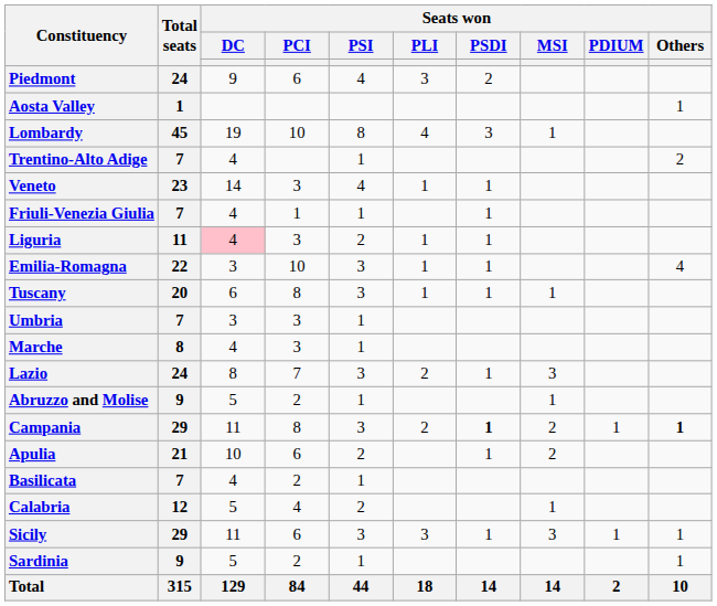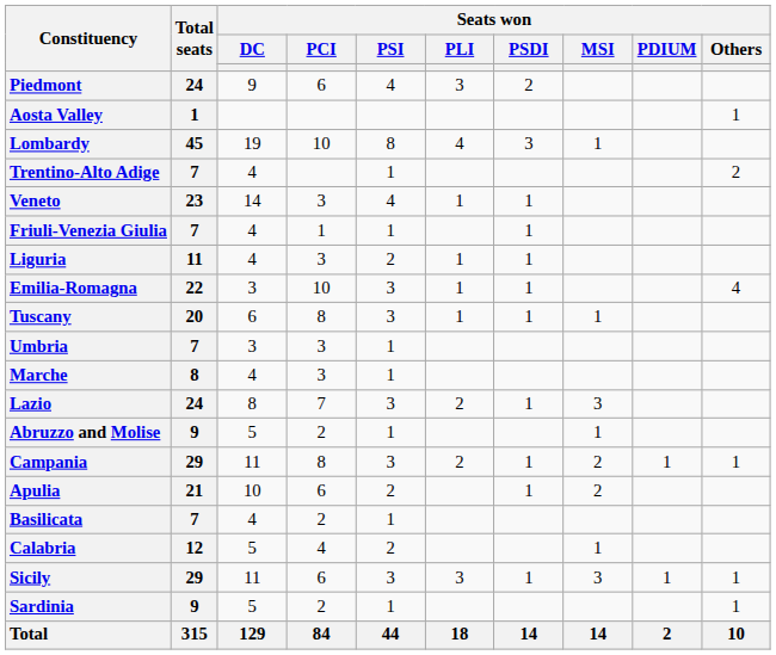 <table class="wikitable" style="text-align:center; font-size: 0.9em">
 <tr>
 <th rowspan="3">Constituency</th>
 <th rowspan="3">Total<br>seats</th>
 <th colspan="8">Seats won</th>
 </tr>
 <tr>
 <th class="unsortable" style="width:50px;"><a href='#'>DC</a></th>
 <th class="unsortable" style="width:50px;"><a href='#'>PCI</a></th>
 <th class="unsortable" style="width:50px;"><a href='#'>PSI</a></th>
 <th class="unsortable" style="width:50px;"><a href='#'>PLI</a></th>
 <th class="unsortable" style="width:50px;"><a href='#'>PSDI</a></th>
 <th class="unsortable" style="width:50px;"><a href='#'>MSI</a></th>
 <th class="unsortable" style="width:50px;"><a href='#'>PDIUM</a></th>
 <th class="unsortable" style="width:50px;">Others</th>
 </tr>
 <tr>
 <th style="background:"></th>
 <th style="background:"></th>
 <th style="background:"></th>
 <th style="background:"></th>
 <th style="background:"></th>
 <th style="background:"></th>
 <th style="background:"></th>
 <th style="background:"></th>
 </tr>
 <tr>
 <th style="text-align: left;"><a href='#'>Piedmont</a></th>
 <th>24</th>
 <td>9</td>
 <td>6</td>
 <td>4</td>
 <td>3</td>
 <td>2</td>
 <td></td>
 <td></td>
 <td></td>
 </tr>
 <tr>
 <th style="text-align: left;"><a href='#'>Aosta Valley</a></th>
 <th>1</th>
 <td></td>
 <td></td>
 <td></td>
 <td></td>
 <td></td>
 <td></td>
 <td></td>
 <td>1</td>
 </tr>
 <tr>
 <th style="text-align: left;"><a href='#'>Lombardy</a></th>
 <th>45</th>
 <td>19</td>
 <td>10</td>
 <td>8</td>
 <td>4</td>
 <td>3</td>
 <td>1</td>
 <td></td>
 <td></td>
 </tr>
 <tr>
 <th style="text-align: left;"><a href='#'>Trentino-Alto Adige</a></th>
 <th>7</th>
 <td>4</td>
 <td></td>
 <td>1</td>
 <td></td>
 <td></td>
 <td></td>
 <td></td>
 <td>2</td>
 </tr>
 <tr>
 <th style="text-align: left;"><a href='#'>Veneto</a></th>
 <th>23</th>
 <td>14</td>
 <td>3</td>
 <td>4</td>
 <td>1</td>
 <td>1</td>
 <td></td>
 <td></td>
 <td></td>
 </tr>
 <tr>
 <th style="text-align: left;"><a href='#'>Friuli-Venezia Giulia</a></th>
 <th>7</th>
 <td>4</td>
 <td>1</td>
 <td>1</td>
 <td></td>
 <td>1</td>
 <td></td>
 <td></td>
 <td></td>
 </tr>
 <tr>
 <th style="text-align: left;"><a href='#'>Liguria</a></th>
 <th>11</th>
-<td style="background: pink;">4</td>
+<td>4</td>
 <td>3</td>
 <td>2</td>
 <td>1</td>
 <td>1</td>
 <td></td>
 <td></td>
 <td></td>
 </tr>
 <tr>
 <th style="text-align: left;"><a href='#'>Emilia-Romagna</a></th>
 <th>22</th>
 <td>3</td>
 <td>10</td>
 <td>3</td>
 <td>1</td>
 <td>1</td>
 <td></td>
 <td></td>
 <td>4</td>
 </tr>
 <tr>
 <th style="text-align: left;"><a href='#'>Tuscany</a></th>
 <th>20</th>
 <td>6</td>
 <td>8</td>
 <td>3</td>
 <td>1</td>
 <td>1</td>
 <td>1</td>
 <td></td>
 <td></td>
 </tr>
 <tr>
 <th style="text-align: left;"><a href='#'>Umbria</a></th>
 <th>7</th>
 <td>3</td>
 <td>3</td>
 <td>1</td>
 <td></td>
 <td></td>
 <td></td>
 <td></td>
 <td></td>
 </tr>
 <tr>
 <th style="text-align: left;"><a href='#'>Marche</a></th>
 <th>8</th>
 <td>4</td>
 <td>3</td>
 <td>1</td>
 <td></td>
 <td></td>
 <td></td>
 <td></td>
 <td></td>
 </tr>
 <tr>
 <th style="text-align: left;"><a href='#'>Lazio</a></th>
 <th>24</th>
 <td>8</td>
 <td>7</td>
 <td>3</td>
 <td>2</td>
 <td>1</td>
 <td>3</td>
 <td></td>
 <td></td>
 </tr>
 <tr>
 <th style="text-align: left;"><a href='#'>Abruzzo</a> and <a href='#'>Molise</a></th>
 <th>9</th>
 <td>5</td>
 <td>2</td>
 <td>1</td>
 <td></td>
 <td></td>
 <td>1</td>
 <td></td>
 <td></td>
 </tr>
 <tr>
 <th style="text-align: left;"><a href='#'>Campania</a></th>
 <th>29</th>
 <td>11</td>
 <td>8</td>
 <td>3</td>
 <td>2</td>
-<td><strong>1</strong></td>
+<td>1</td>
 <td>2</td>
 <td>1</td>
-<td><strong>1</strong></td>
+<td>1</td>
 </tr>
 <tr>
 <th style="text-align: left;"><a href='#'>Apulia</a></th>
 <th>21</th>
 <td>10</td>
 <td>6</td>
 <td>2</td>
 <td></td>
 <td>1</td>
 <td>2</td>
 <td></td>
 <td></td>
 </tr>
 <tr>
 <th style="text-align: left;"><a href='#'>Basilicata</a></th>
 <th>7</th>
 <td>4</td>
 <td>2</td>
 <td>1</td>
 <td></td>
 <td></td>
 <td></td>
 <td></td>
 <td></td>
 </tr>
 <tr>
 <th style="text-align: left;"><a href='#'>Calabria</a></th>
 <th>12</th>
 <td>5</td>
 <td>4</td>
 <td>2</td>
 <td></td>
 <td></td>
 <td>1</td>
 <td></td>
 <td></td>
 </tr>
 <tr>
 <th style="text-align: left;"><a href='#'>Sicily</a></th>
 <th>29</th>
 <td>11</td>
 <td>6</td>
 <td>3</td>
 <td>3</td>
 <td>1</td>
 <td>3</td>
 <td>1</td>
 <td>1</td>
 </tr>
 <tr>
 <th style="text-align: left;"><a href='#'>Sardinia</a></th>
 <th>9</th>
 <td>5</td>
 <td>2</td>
 <td>1</td>
 <td></td>
 <td></td>
 <td></td>
 <td></td>
 <td>1</td>
 </tr>
 <tr>
 <th style="text-align: left;">Total</th>
 <th>315</th>
 <th>129</th>
 <th>84</th>
 <th>44</th>
 <th>18</th>
 <th>14</th>
 <th>14</th>
 <th>2</th>
 <th>10</th>
 </tr>
 </table>
